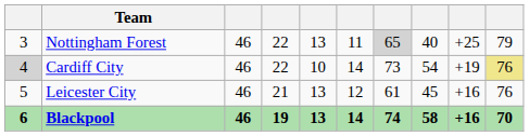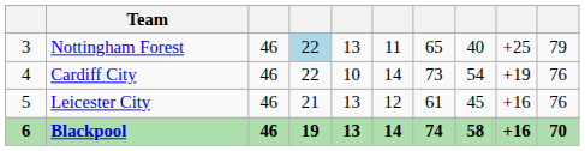 <table class="wikitable" style="text-align:center">
 <tr>
 <th width="30"></th>
 <th width="175">Team</th>
 <th width="30"></th>
 <th width="30"></th>
 <th width="30"></th>
 <th width="30"></th>
 <th width="30"></th>
 <th width="30"></th>
 <th width="30"></th>
 <th width="30"></th>
 </tr>
 <tr>
 <td>3</td>
 <td align=left><a href='#'>Nottingham Forest</a></td>
 <td>46</td>
-<td>22</td>
+<td style="background: lightblue;">22</td>
 <td>13</td>
 <td>11</td>
-<td style="background: lightgrey;">65</td>
+<td>65</td>
 <td>40</td>
 <td>+25</td>
 <td>79</td>
 </tr>
 <tr>
-<td style="background: lightgrey;">4</td>
+<td>4</td>
 <td align=left><a href='#'>Cardiff City</a></td>
 <td>46</td>
 <td>22</td>
 <td>10</td>
 <td>14</td>
 <td>73</td>
 <td>54</td>
 <td>+19</td>
-<td style="background: khaki;">76</td>
+<td>76</td>
 </tr>
 <tr>
 <td>5</td>
 <td align=left><a href='#'>Leicester City</a></td>
 <td>46</td>
 <td>21</td>
 <td>13</td>
 <td>12</td>
 <td>61</td>
 <td>45</td>
 <td>+16</td>
 <td>76</td>
 </tr>
 <tr style="background:#addfad;">
 <td><strong>6</strong></td>
 <td align=left><strong><a href='#'>Blackpool</a></strong></td>
 <td><strong>46</strong></td>
 <td><strong>19</strong></td>
 <td><strong>13</strong></td>
 <td><strong>14</strong></td>
 <td><strong>74</strong></td>
 <td><strong>58</strong></td>
 <td><strong>+16</strong></td>
 <td><strong>70</strong></td>
 </tr>
 </table>
